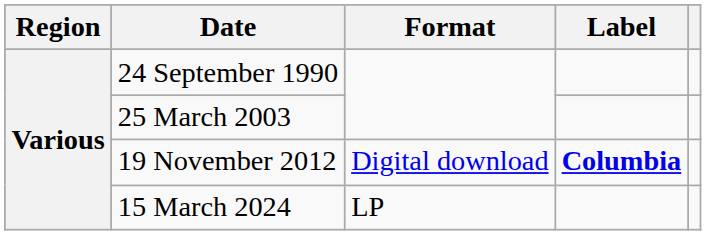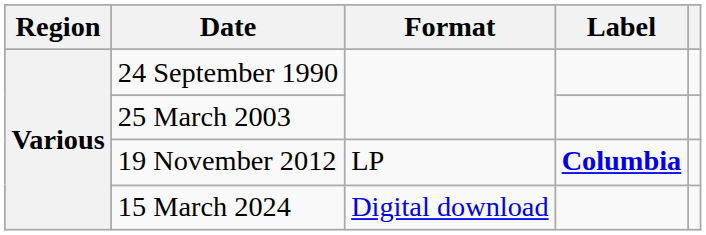 <table class="wikitable plainrowheaders">
 <tr>
 <th scope="col">Region</th>
 <th scope="col">Date</th>
 <th scope="col">Format</th>
 <th scope="col">Label</th>
 <th scope="col"></th>
 </tr>
 <tr>
 <th scope="row" rowspan="4">Various</th>
 <td>24 September 1990</td>
 <td rowspan="2"></td>
 <td></td>
 <td style="text-align:center"></td>
 </tr>
 <tr>
 <td>25 March 2003</td>
 <td></td>
 <td style="text-align:center"></td>
 </tr>
 <tr>
 <td>19 November 2012</td>
-<td><a href='#'>Digital download</a></td>
+<td>LP</td>
 <td><strong><a href='#'>Columbia</a></strong></td>
 <td style="text-align:center"></td>
 </tr>
 <tr>
 <td>15 March 2024</td>
-<td>LP</td>
+<td><a href='#'>Digital download</a></td>
 <td></td>
 <td style="text-align:center"></td>
 </tr>
 </table>
